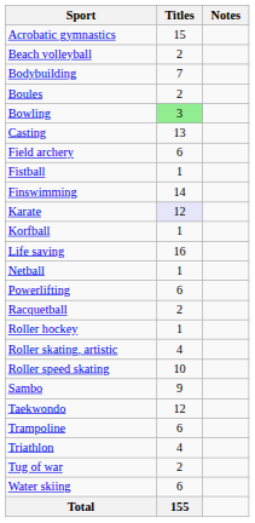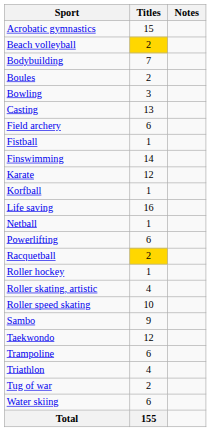 <table class="wikitable" width=25% style="font-size:100%; text-align:center;">
 <tr>
 <th>Sport</th>
 <th>Titles</th>
 <th>Notes</th>
 </tr>
 <tr>
 <td align=left><a href='#'>Acrobatic gymnastics</a></td>
 <td>15</td>
 <td></td>
 </tr>
 <tr>
 <td align=left><a href='#'>Beach volleyball</a></td>
-<td>2</td>
+<td style="background: gold;">2</td>
 <td></td>
 </tr>
 <tr>
 <td align=left><a href='#'>Bodybuilding</a></td>
 <td>7</td>
 <td></td>
 </tr>
 <tr>
 <td align=left><a href='#'>Boules</a></td>
 <td>2</td>
 <td></td>
 </tr>
 <tr>
 <td align=left><a href='#'>Bowling</a></td>
-<td style="background: lightgreen;">3</td>
+<td>3</td>
 <td></td>
 </tr>
 <tr>
 <td align=left><a href='#'>Casting</a></td>
 <td>13</td>
 <td></td>
 </tr>
 <tr>
 <td align=left><a href='#'>Field archery</a></td>
 <td>6</td>
 <td></td>
 </tr>
 <tr>
 <td align=left><a href='#'>Fistball</a></td>
 <td>1</td>
 <td></td>
 </tr>
 <tr>
 <td align=left><a href='#'>Finswimming</a></td>
 <td>14</td>
 <td></td>
 </tr>
 <tr>
 <td align=left><a href='#'>Karate</a></td>
-<td style="background: lavender;">12</td>
+<td>12</td>
 <td></td>
 </tr>
 <tr>
 <td align=left><a href='#'>Korfball</a></td>
 <td>1</td>
 <td></td>
 </tr>
 <tr>
 <td align=left><a href='#'>Life saving</a></td>
 <td>16</td>
 <td></td>
 </tr>
 <tr>
 <td align=left><a href='#'>Netball</a></td>
 <td>1</td>
 <td></td>
 </tr>
 <tr>
 <td align=left><a href='#'>Powerlifting</a></td>
 <td>6</td>
 <td></td>
 </tr>
 <tr>
 <td align=left><a href='#'>Racquetball</a></td>
-<td>2</td>
+<td style="background: gold;">2</td>
 <td></td>
 </tr>
 <tr>
 <td align=left><a href='#'>Roller hockey</a></td>
 <td>1</td>
 <td></td>
 </tr>
 <tr>
 <td align=left><a href='#'>Roller skating, artistic</a></td>
 <td>4</td>
 <td></td>
 </tr>
 <tr>
 <td align=left><a href='#'>Roller speed skating</a></td>
 <td>10</td>
 <td></td>
 </tr>
 <tr>
 <td align=left><a href='#'>Sambo</a></td>
 <td>9</td>
 <td></td>
 </tr>
 <tr>
 <td align=left><a href='#'>Taekwondo</a></td>
 <td>12</td>
 <td></td>
 </tr>
 <tr>
 <td align=left><a href='#'>Trampoline</a></td>
 <td>6</td>
 <td></td>
 </tr>
 <tr>
 <td align=left><a href='#'>Triathlon</a></td>
 <td>4</td>
 <td></td>
 </tr>
 <tr>
 <td align=left><a href='#'>Tug of war</a></td>
 <td>2</td>
 <td></td>
 </tr>
 <tr>
 <td align=left><a href='#'>Water skiing</a></td>
 <td>6</td>
 <td></td>
 </tr>
 <tr>
 <th>Total</th>
 <th>155</th>
 </tr>
 </table>
